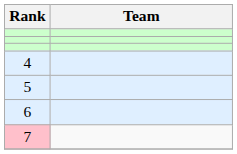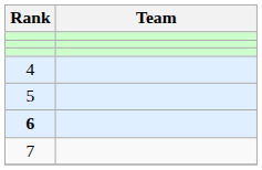 <table class="wikitable" style="text-align:center">
 <tr>
 <th width=40>Rank</th>
 <th width=180>Team</th>
 </tr>
 <tr bgcolor=#ccffcc>
 <td></td>
 <td style="text-align:left"></td>
 </tr>
 <tr bgcolor=#ccffcc>
 <td></td>
 <td style="text-align:left"></td>
 </tr>
 <tr bgcolor=#ccffcc>
 <td></td>
 <td style="text-align:left"></td>
 </tr>
 <tr bgcolor=#dfefff>
 <td>4</td>
 <td style="text-align:left"></td>
 </tr>
 <tr bgcolor=#dfefff>
 <td>5</td>
 <td style="text-align:left"></td>
 </tr>
 <tr bgcolor=#dfefff>
-<td>6</td>
+<td><strong>6</strong></td>
 <td style="text-align:left"></td>
 </tr>
 <tr>
-<td style="background: pink;">7</td>
+<td>7</td>
 <td style="text-align:left"></td>
 </tr>
 <tr>
 </tr>
 </table>
